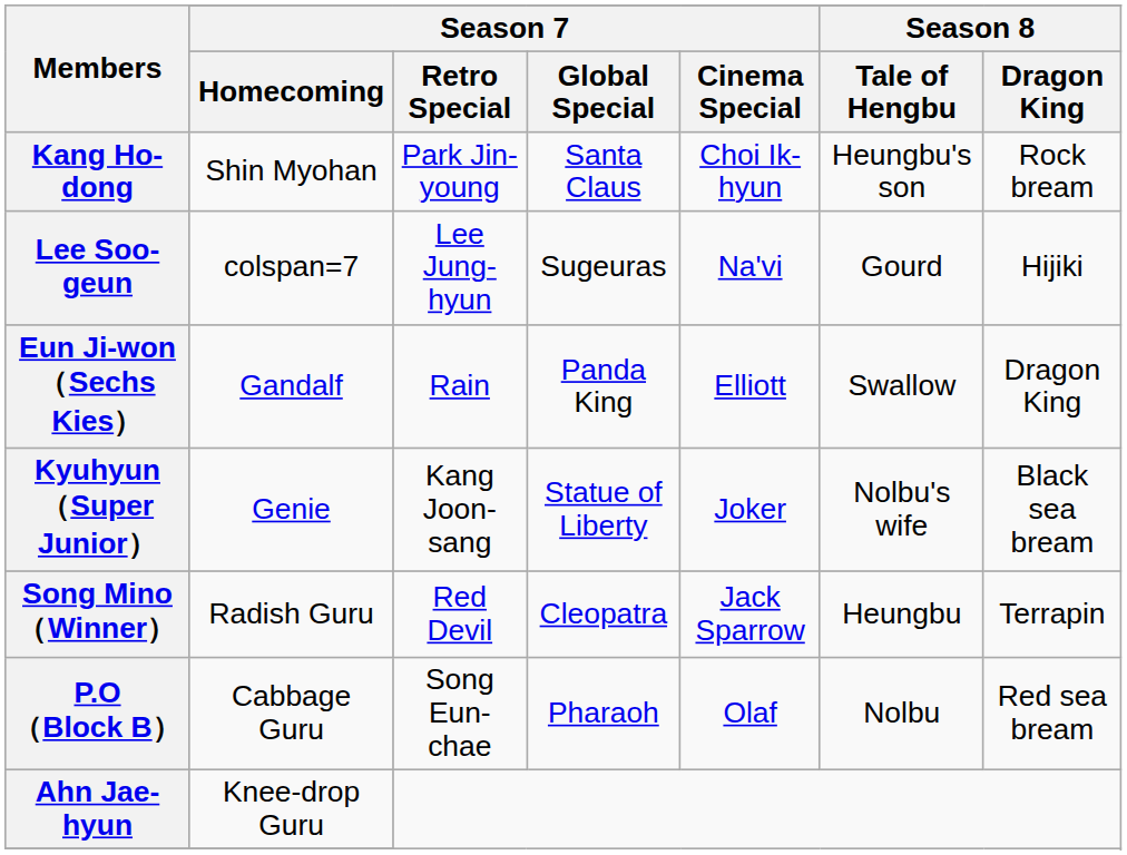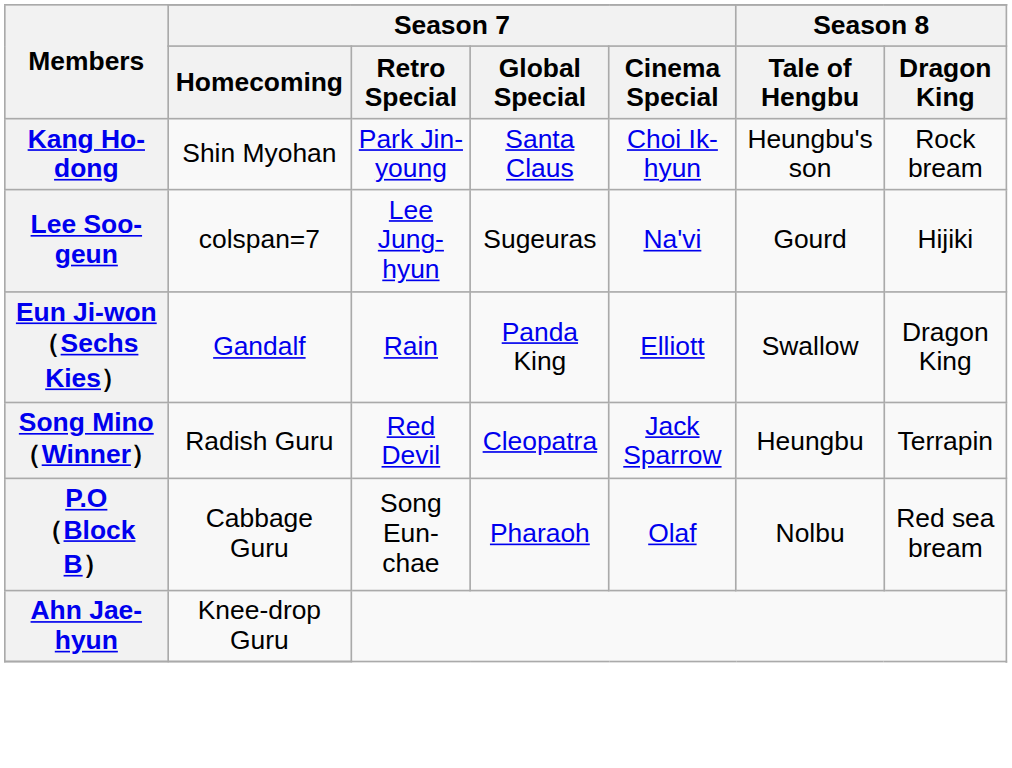 <table class=wikitable style="text-align:center">
 <tr>
 <th rowspan=3>Members</th>
 </tr>
 <tr>
 <th colspan=4>Season 7</th>
 <th colspan=2>Season 8</th>
 </tr>
 <tr>
 <th>Homecoming</th>
 <th>Retro Special</th>
 <th>Global Special</th>
 <th>Cinema Special</th>
 <th>Tale of Hengbu</th>
 <th>Dragon King</th>
 </tr>
 <tr>
 <th><a href='#'>Kang Ho-dong</a></th>
 <td>Shin Myohan</td>
 <td><a href='#'>Park Jin-young</a></td>
 <td><a href='#'>Santa Claus</a></td>
 <td><a href='#'>Choi Ik-hyun</a></td>
 <td>Heungbu's son</td>
 <td>Rock bream</td>
 </tr>
 <tr>
 <th><a href='#'>Lee Soo-geun</a></th>
 <td>colspan=7 </td>
 <td><a href='#'>Lee Jung-hyun</a></td>
 <td>Sugeuras</td>
 <td><a href='#'>Na'vi</a></td>
 <td>Gourd</td>
 <td>Hijiki</td>
 </tr>
 <tr>
 <th><a href='#'>Eun Ji-won</a><br>（<a href='#'>Sechs Kies</a>）</th>
 <td><a href='#'>Gandalf</a></td>
 <td><a href='#'>Rain</a></td>
 <td><a href='#'>Panda</a> King</td>
 <td><a href='#'>Elliott</a></td>
 <td>Swallow</td>
 <td>Dragon King</td>
 </tr>
 <tr>
-<th><a href='#'>Kyuhyun</a><br>（<a href='#'>Super Junior</a>）</th>
-<td><a href='#'>Genie</a></td>
-<td>Kang Joon-sang</td>
-<td><a href='#'>Statue of Liberty</a></td>
-<td><a href='#'>Joker</a></td>
-<td>Nolbu's wife</td>
-<td>Black sea bream</td>
-</tr>
-<tr>
 <th><a href='#'>Song Mino</a><br>（<a href='#'>Winner</a>）</th>
 <td>Radish Guru</td>
 <td><a href='#'>Red Devil</a></td>
 <td><a href='#'>Cleopatra</a></td>
 <td><a href='#'>Jack Sparrow</a></td>
 <td>Heungbu</td>
 <td>Terrapin</td>
 </tr>
 <tr>
 <th><a href='#'>P.O</a><br>（<a href='#'>Block B</a>）</th>
 <td>Cabbage Guru</td>
 <td>Song Eun-chae</td>
 <td><a href='#'>Pharaoh</a></td>
 <td><a href='#'>Olaf</a></td>
 <td>Nolbu</td>
 <td>Red sea bream</td>
 </tr>
 <tr>
 <th><a href='#'>Ahn Jae-hyun</a></th>
 <td>Knee-drop Guru</td>
 </tr>
 <tr>
 </tr>
 </table>
